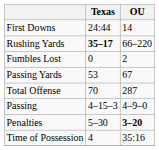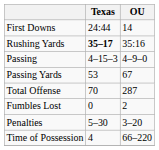 <table class="wikitable">
 <tr>
 <th></th>
 <th>Texas</th>
 <th>OU</th>
 </tr>
 <tr>
 <td>First Downs</td>
 <td>24:44</td>
 <td>14</td>
 </tr>
 <tr>
 <td>Rushing Yards</td>
 <td><strong>35–17</strong></td>
-<td>66–220</td>
+<td>35:16</td>
 </tr>
 <tr>
-<td>Fumbles Lost</td>
-<td>0</td>
-<td>2</td>
+<td>Passing</td>
+<td>4–15–3</td>
+<td>4–9–0</td>
 </tr>
 <tr>
 <td>Passing Yards</td>
 <td>53</td>
 <td>67</td>
 </tr>
 <tr>
 <td>Total Offense</td>
 <td>70</td>
 <td>287</td>
 </tr>
 <tr>
-<td>Passing</td>
-<td>4–15–3</td>
-<td>4–9–0</td>
+<td>Fumbles Lost</td>
+<td>0</td>
+<td>2</td>
 </tr>
 <tr>
 <td>Penalties</td>
 <td>5–30</td>
-<td><strong>3–20</strong></td>
+<td>3–20</td>
 </tr>
 <tr>
 <td>Time of Possession</td>
 <td>4</td>
-<td>35:16</td>
+<td>66–220</td>
 </tr>
 <tr>
 </tr>
 </table>
